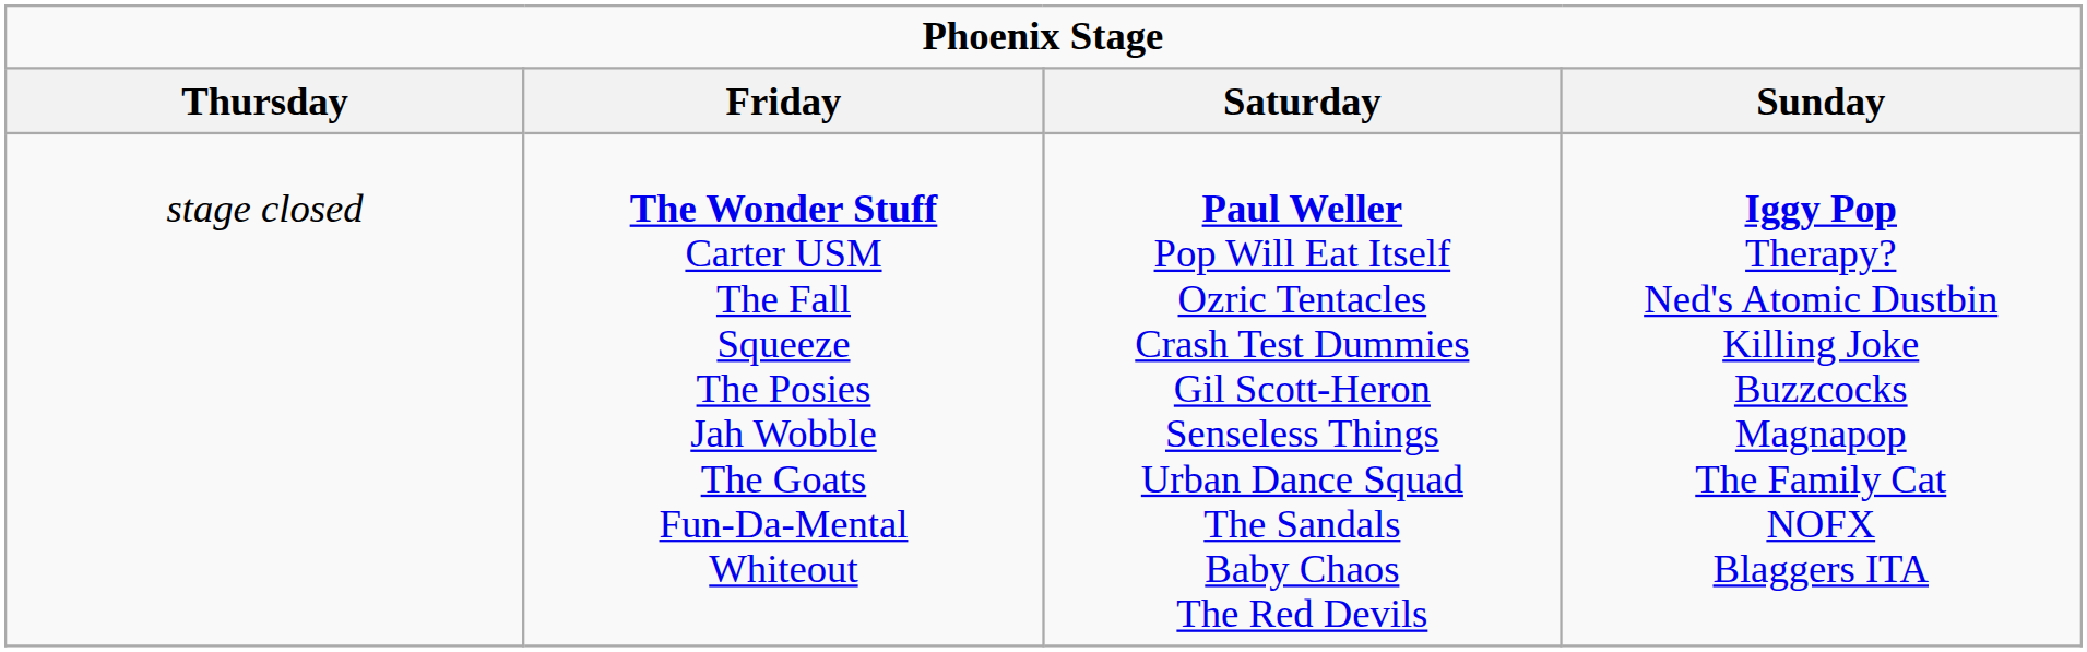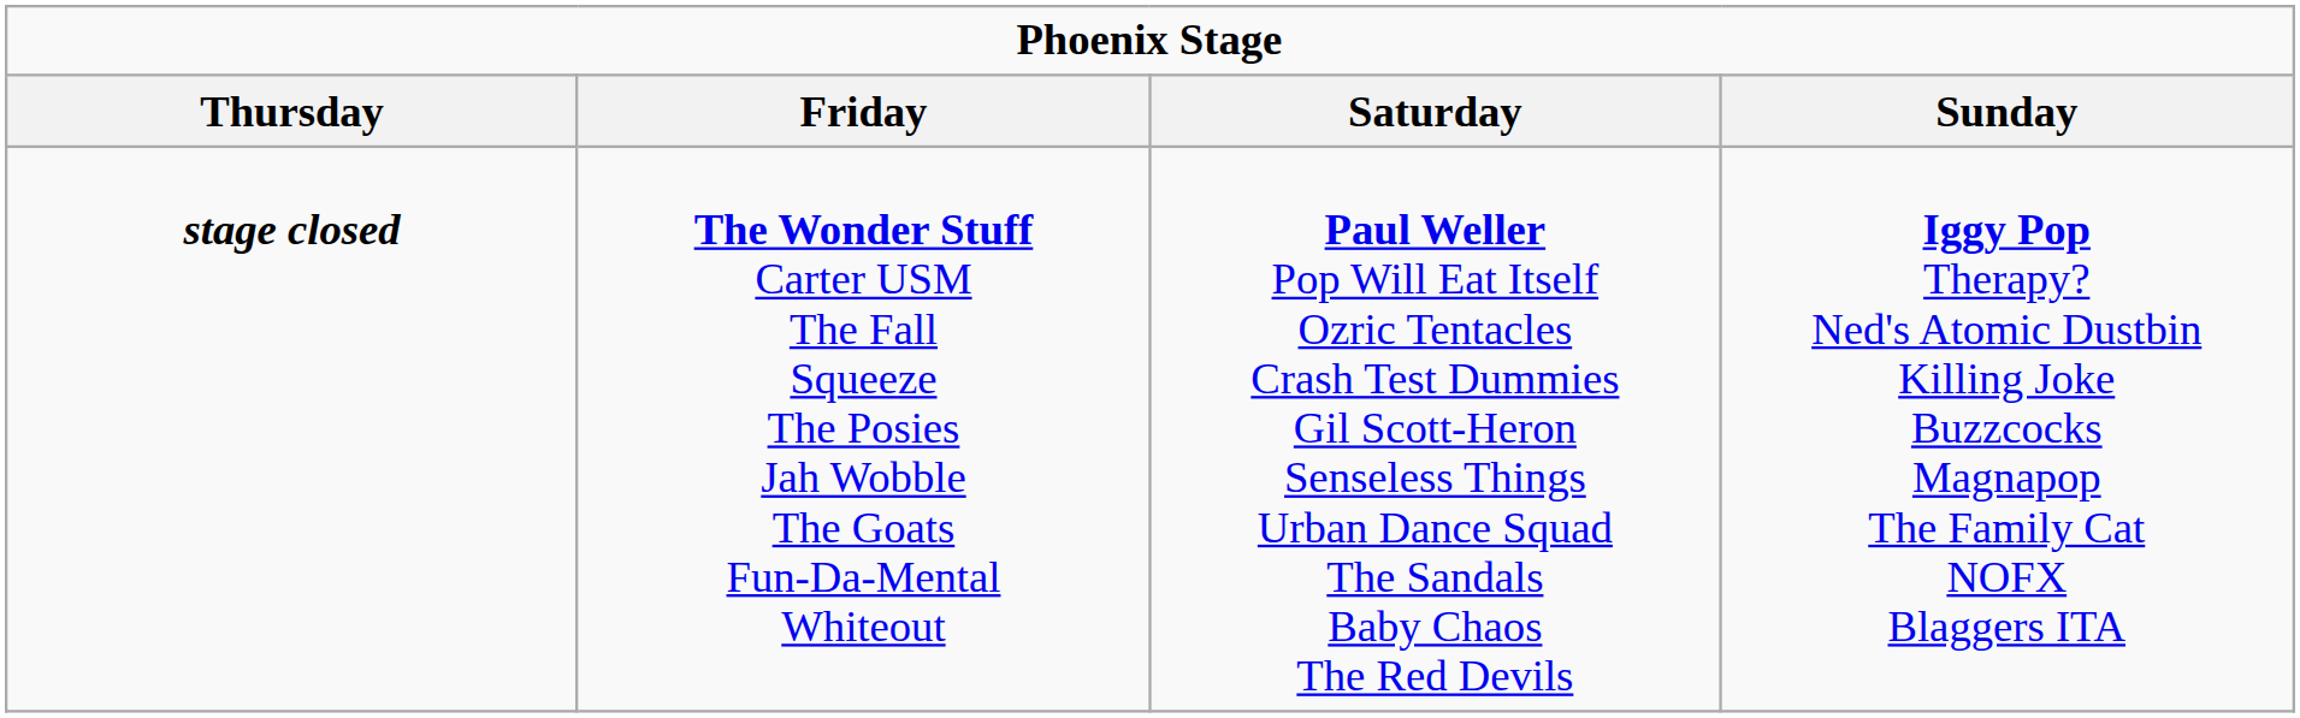 <table class="wikitable">
 <tr>
 <td colspan="4" style="text-align:center;"><strong>Phoenix Stage</strong></td>
 </tr>
 <tr>
 <th>Thursday</th>
 <th>Friday</th>
 <th>Saturday</th>
 <th>Sunday</th>
 </tr>
 <tr>
-<td style="text-align:center; vertical-align:top; width:200px;"><br><em>stage closed</em></td>
+<td style="text-align:center; vertical-align:top; width:200px;"><strong><br><em>stage closed</em></strong></td>
 <td style="text-align:center; vertical-align:top; width:200px;"><br><strong><a href='#'>The Wonder Stuff</a></strong><br> <a href='#'>Carter USM</a><br> <a href='#'>The Fall</a><br> <a href='#'>Squeeze</a><br> <a href='#'>The Posies</a><br> <a href='#'>Jah Wobble</a><br> <a href='#'>The Goats</a><br> <a href='#'>Fun-Da-Mental</a><br> <a href='#'>Whiteout</a></td>
 <td style="text-align:center; vertical-align:top; width:200px;"><br><strong><a href='#'>Paul Weller</a></strong><br> <a href='#'>Pop Will Eat Itself</a><br> <a href='#'>Ozric Tentacles</a><br> <a href='#'>Crash Test Dummies</a><br> <a href='#'>Gil Scott-Heron</a><br> <a href='#'>Senseless Things</a><br> <a href='#'>Urban Dance Squad</a><br> <a href='#'>The Sandals</a><br> <a href='#'>Baby Chaos</a><br> <a href='#'>The Red Devils</a><br></td>
 <td style="text-align:center; vertical-align:top; width:200px;"><br><strong><a href='#'>Iggy Pop</a></strong><br> <a href='#'>Therapy?</a><br> <a href='#'>Ned's Atomic Dustbin</a><br> <a href='#'>Killing Joke</a><br> <a href='#'>Buzzcocks</a><br> <a href='#'>Magnapop</a><br> <a href='#'>The Family Cat</a><br> <a href='#'>NOFX</a><br> <a href='#'>Blaggers ITA</a><br></td>
 </tr>
 </table>
